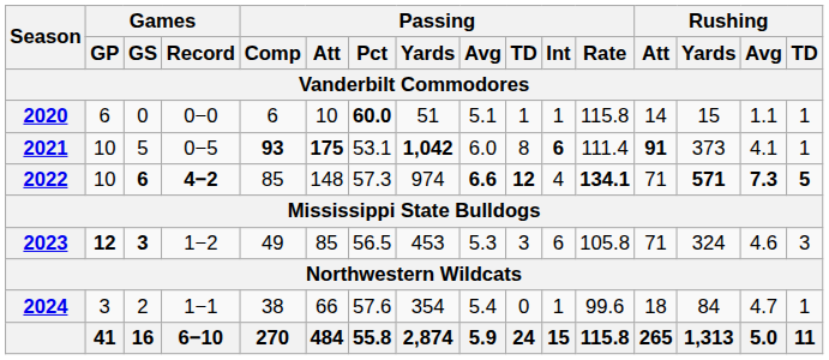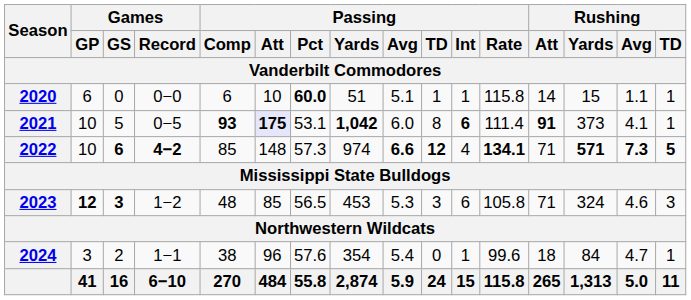 <table class="wikitable" style="text-align:center;">
 <tr>
 <th rowspan="2">Season</th>
 <th colspan="3">Games</th>
 <th colspan="8">Passing</th>
 <th colspan="5">Rushing</th>
 </tr>
 <tr>
 <th>GP</th>
 <th>GS</th>
 <th>Record</th>
 <th>Comp</th>
 <th>Att</th>
 <th>Pct</th>
 <th>Yards</th>
 <th>Avg</th>
 <th>TD</th>
 <th>Int</th>
 <th>Rate</th>
 <th>Att</th>
 <th>Yards</th>
 <th>Avg</th>
 <th>TD</th>
 </tr>
 <tr>
 <th colspan="16">Vanderbilt Commodores</th>
 </tr>
 <tr>
 <th><a href='#'>2020</a></th>
 <td>6</td>
 <td>0</td>
 <td>0−0</td>
 <td>6</td>
 <td>10</td>
 <td><strong>60.0</strong></td>
 <td>51</td>
 <td>5.1</td>
 <td>1</td>
 <td>1</td>
 <td>115.8</td>
 <td>14</td>
 <td>15</td>
 <td>1.1</td>
 <td>1</td>
 </tr>
 <tr>
 <th><a href='#'>2021</a></th>
 <td>10</td>
 <td>5</td>
 <td>0−5</td>
 <td><strong>93</strong></td>
-<td><strong>175</strong></td>
+<td style="background: lavender;"><strong>175</strong></td>
 <td>53.1</td>
 <td><strong>1,042</strong></td>
 <td>6.0</td>
 <td>8</td>
 <td><strong>6</strong></td>
 <td>111.4</td>
 <td><strong>91</strong></td>
 <td>373</td>
 <td>4.1</td>
 <td>1</td>
 </tr>
 <tr>
 <th><a href='#'>2022</a></th>
 <td>10</td>
 <td><strong>6</strong></td>
 <td><strong>4−2</strong></td>
 <td>85</td>
 <td>148</td>
 <td>57.3</td>
 <td>974</td>
 <td><strong>6.6</strong></td>
 <td><strong>12</strong></td>
 <td>4</td>
 <td><strong>134.1</strong></td>
 <td>71</td>
 <td><strong>571</strong></td>
 <td><strong>7.3</strong></td>
 <td><strong>5</strong></td>
 </tr>
 <tr>
 <th colspan="16">Mississippi State Bulldogs</th>
 </tr>
 <tr>
 <th><a href='#'>2023</a></th>
 <td><strong>12</strong></td>
 <td><strong>3</strong></td>
 <td>1−2</td>
-<td>49</td>
+<td>48</td>
 <td>85</td>
 <td>56.5</td>
 <td>453</td>
 <td>5.3</td>
 <td>3</td>
 <td>6</td>
 <td>105.8</td>
 <td>71</td>
 <td>324</td>
 <td>4.6</td>
 <td>3</td>
 </tr>
 <tr>
 <th colspan="16">Northwestern Wildcats</th>
 </tr>
 <tr>
 <th><a href='#'>2024</a></th>
 <td>3</td>
 <td>2</td>
 <td>1−1</td>
 <td>38</td>
-<td>66</td>
+<td>96</td>
 <td>57.6</td>
 <td>354</td>
 <td>5.4</td>
 <td>0</td>
 <td>1</td>
 <td>99.6</td>
 <td>18</td>
 <td>84</td>
 <td>4.7</td>
 <td>1</td>
 </tr>
 <tr>
 <th></th>
 <th>41</th>
 <th>16</th>
 <th>6−10</th>
 <th>270</th>
 <th>484</th>
 <th>55.8</th>
 <th>2,874</th>
 <th>5.9</th>
 <th>24</th>
 <th>15</th>
 <th>115.8</th>
 <th>265</th>
 <th>1,313</th>
 <th>5.0</th>
 <th>11</th>
 </tr>
 </table>
